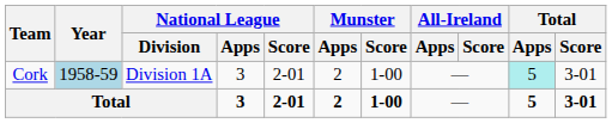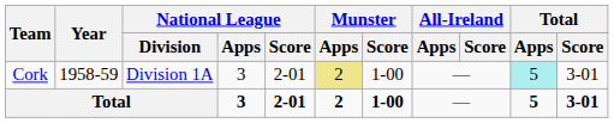 <table class="wikitable" style="text-align:center">
 <tr>
 <th rowspan="2">Team</th>
 <th rowspan="2">Year</th>
 <th colspan="3"><a href='#'>National League</a></th>
 <th colspan="2"><a href='#'>Munster</a></th>
 <th colspan="2"><a href='#'>All-Ireland</a></th>
 <th colspan="2">Total</th>
 </tr>
 <tr>
 <th>Division</th>
 <th>Apps</th>
 <th>Score</th>
 <th>Apps</th>
 <th>Score</th>
 <th>Apps</th>
 <th>Score</th>
 <th>Apps</th>
 <th>Score</th>
 </tr>
 <tr>
 <td rowspan="1"><a href='#'>Cork</a></td>
-<td style="background: lightblue;">1958-59</td>
+<td>1958-59</td>
 <td rowspan="1"><a href='#'>Division 1A</a></td>
 <td>3</td>
 <td>2-01</td>
-<td>2</td>
+<td style="background: khaki;">2</td>
 <td>1-00</td>
 <td colspan=2>—</td>
 <td style="background: paleturquoise;">5</td>
 <td>3-01</td>
 </tr>
 <tr>
 <th colspan="3">Total</th>
 <td><strong>3</strong></td>
 <td><strong>2-01</strong></td>
 <td><strong>2</strong></td>
 <td><strong>1-00</strong></td>
 <td colspan=2>—</td>
 <td><strong>5</strong></td>
 <td><strong>3-01</strong></td>
 </tr>
 </table>
